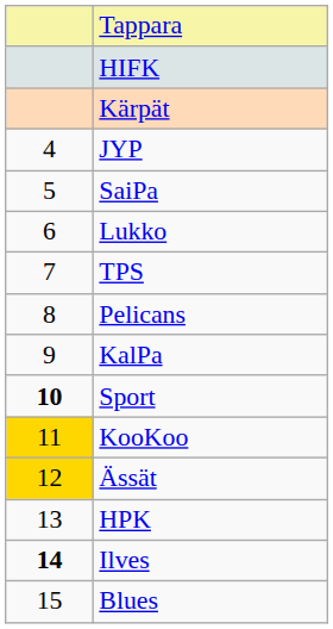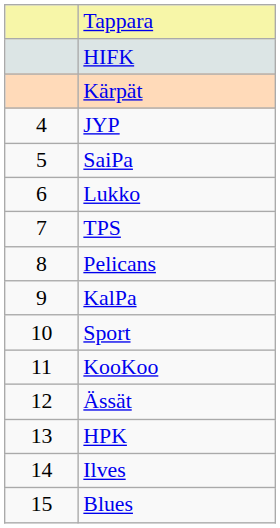 <table class="wikitable" style="width:200px;">
 <tr style="background:#F7F6A8;">
 <td align=center></td>
 <td><a href='#'>Tappara</a></td>
 </tr>
 <tr style="background:#DCE5E5;">
 <td align=center></td>
 <td><a href='#'>HIFK</a></td>
 </tr>
 <tr style="background:#FFDAB9;">
 <td align=center></td>
 <td><a href='#'>Kärpät</a></td>
 </tr>
 <tr>
 <td align=center>4</td>
 <td><a href='#'>JYP</a></td>
 </tr>
 <tr>
 <td align=center>5</td>
 <td><a href='#'>SaiPa</a></td>
 </tr>
 <tr>
 <td align=center>6</td>
 <td><a href='#'>Lukko</a></td>
 </tr>
 <tr>
 <td align=center>7</td>
 <td><a href='#'>TPS</a></td>
 </tr>
 <tr>
 <td align=center>8</td>
 <td><a href='#'>Pelicans</a></td>
 </tr>
 <tr>
 <td align=center>9</td>
 <td><a href='#'>KalPa</a></td>
 </tr>
 <tr>
-<td align=center><strong>10</strong></td>
+<td align=center>10</td>
 <td><a href='#'>Sport</a></td>
 </tr>
 <tr>
-<td align=center style="background: gold;">11</td>
+<td align=center>11</td>
 <td><a href='#'>KooKoo</a></td>
 </tr>
 <tr>
-<td align=center style="background: gold;">12</td>
+<td align=center>12</td>
 <td><a href='#'>Ässät</a></td>
 </tr>
 <tr>
 <td align=center>13</td>
 <td><a href='#'>HPK</a></td>
 </tr>
 <tr>
-<td align=center><strong>14</strong></td>
+<td align=center>14</td>
 <td><a href='#'>Ilves</a></td>
 </tr>
 <tr>
 <td align=center>15</td>
 <td><a href='#'>Blues</a></td>
 </tr>
 </table>
